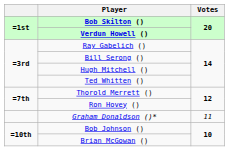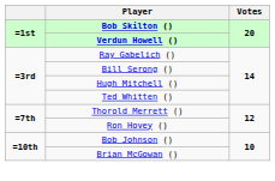 <table class="wikitable" style="text-align: center; font-size: 90%;">
 <tr>
 <th width="50"></th>
 <th width="250">Player</th>
 <th width="50">Votes</th>
 </tr>
 <tr style="background: #CCFFCC; font-weight: bold;">
 <td rowspan=2><strong>=1st</strong></td>
 <td><a href='#'>Bob Skilton</a> ()</td>
 <td rowspan=2><strong>20</strong></td>
 </tr>
 <tr style="background: #CCFFCC; font-weight: bold;">
 <td><a href='#'>Verdun Howell</a> ()</td>
 </tr>
 <tr>
 <td rowspan=4><strong>=3rd</strong></td>
 <td><a href='#'>Ray Gabelich</a> ()</td>
 <td rowspan=4><strong>14</strong></td>
 </tr>
 <tr>
 <td><a href='#'>Bill Serong</a> ()</td>
 </tr>
 <tr>
 <td><a href='#'>Hugh Mitchell</a> ()</td>
 </tr>
 <tr>
 <td><a href='#'>Ted Whitten</a> ()</td>
 </tr>
 <tr>
 <td rowspan=2><strong>=7th</strong></td>
 <td><a href='#'>Thorold Merrett</a> ()</td>
 <td rowspan=2><strong>12</strong></td>
 </tr>
 <tr>
 <td><a href='#'>Ron Hovey</a> ()</td>
 </tr>
 <tr>
-<td></td>
-<td><em><a href='#'>Graham Donaldson</a> ()*</em></td>
-<td><em>11</em></td>
-</tr>
-<tr>
 <td rowspan=2><strong>=10th</strong></td>
 <td><a href='#'>Bob Johnson</a> ()</td>
 <td rowspan=2><strong>10</strong></td>
 </tr>
 <tr>
 <td><a href='#'>Brian McGowan</a> ()</td>
 </tr>
 </table>
